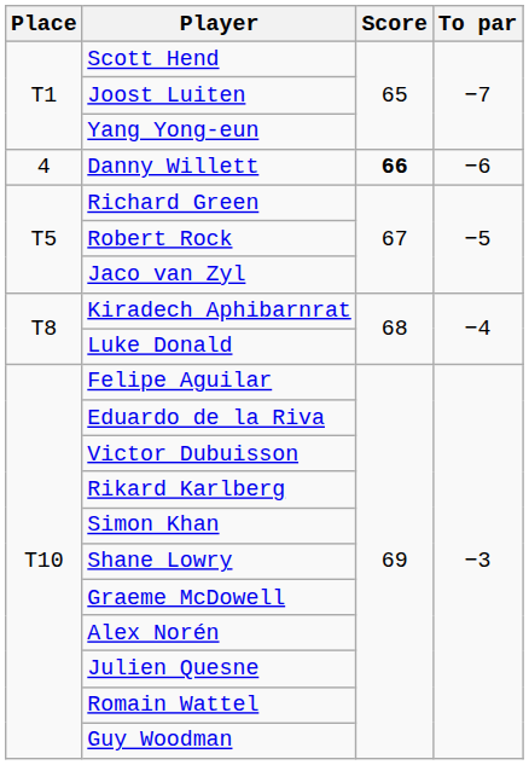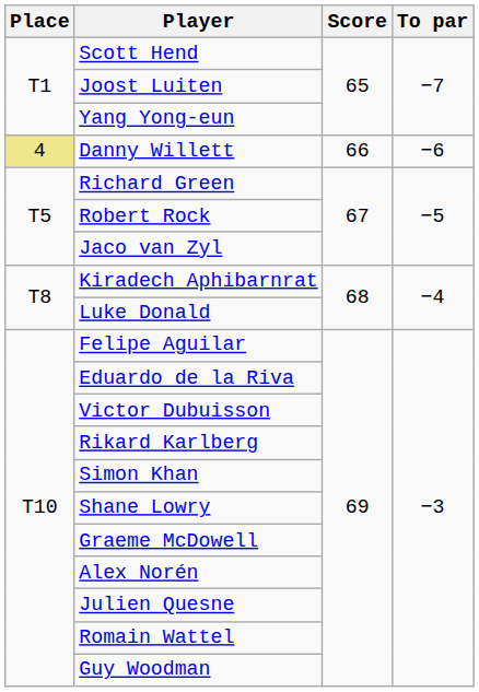 <table class="wikitable">
 <tr>
 <th>Place</th>
 <th>Player</th>
 <th>Score</th>
 <th>To par</th>
 </tr>
 <tr>
 <td align=center rowspan=3>T1</td>
 <td> <a href='#'>Scott Hend</a></td>
 <td align=center rowspan=3>65</td>
 <td align=center rowspan=3>−7</td>
 </tr>
 <tr>
 <td> <a href='#'>Joost Luiten</a></td>
 </tr>
 <tr>
 <td> <a href='#'>Yang Yong-eun</a></td>
 </tr>
 <tr>
-<td align=center>4</td>
+<td align=center style="background: khaki;">4</td>
 <td> <a href='#'>Danny Willett</a></td>
-<td align=center><strong>66</strong></td>
+<td align=center>66</td>
 <td align=center>−6</td>
 </tr>
 <tr>
 <td align=center rowspan=3>T5</td>
 <td> <a href='#'>Richard Green</a></td>
 <td align=center rowspan=3>67</td>
 <td align=center rowspan=3>−5</td>
 </tr>
 <tr>
 <td> <a href='#'>Robert Rock</a></td>
 </tr>
 <tr>
 <td> <a href='#'>Jaco van Zyl</a></td>
 </tr>
 <tr>
 <td align=center rowspan=2>T8</td>
 <td> <a href='#'>Kiradech Aphibarnrat</a></td>
 <td align=center rowspan=2>68</td>
 <td align=center rowspan=2>−4</td>
 </tr>
 <tr>
 <td> <a href='#'>Luke Donald</a></td>
 </tr>
 <tr>
 <td align=center rowspan=11>T10</td>
 <td> <a href='#'>Felipe Aguilar</a></td>
 <td align=center rowspan=11>69</td>
 <td align=center rowspan=11>−3</td>
 </tr>
 <tr>
 <td> <a href='#'>Eduardo de la Riva</a></td>
 </tr>
 <tr>
 <td> <a href='#'>Victor Dubuisson</a></td>
 </tr>
 <tr>
 <td> <a href='#'>Rikard Karlberg</a></td>
 </tr>
 <tr>
 <td> <a href='#'>Simon Khan</a></td>
 </tr>
 <tr>
 <td> <a href='#'>Shane Lowry</a></td>
 </tr>
 <tr>
 <td> <a href='#'>Graeme McDowell</a></td>
 </tr>
 <tr>
 <td> <a href='#'>Alex Norén</a></td>
 </tr>
 <tr>
 <td> <a href='#'>Julien Quesne</a></td>
 </tr>
 <tr>
 <td> <a href='#'>Romain Wattel</a></td>
 </tr>
 <tr>
 <td> <a href='#'>Guy Woodman</a></td>
 </tr>
 </table>
